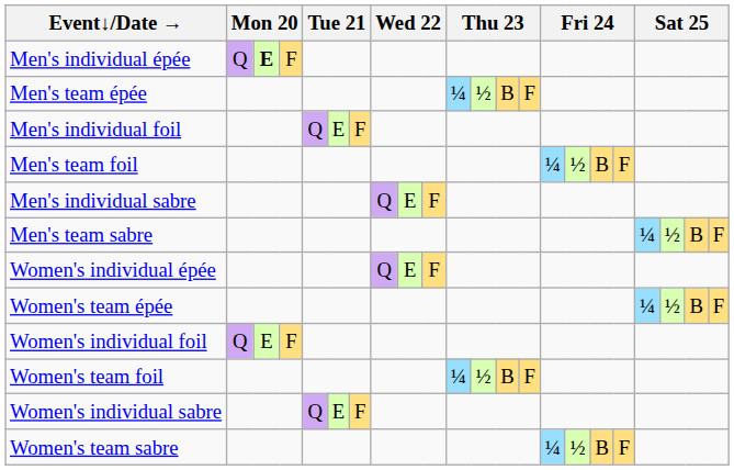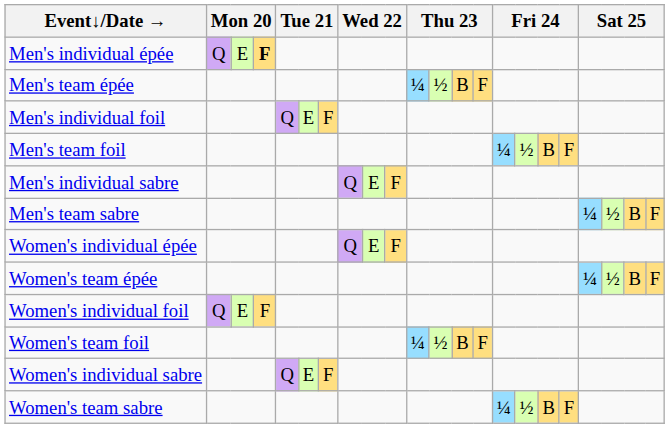 <table class="wikitable" style="margin:0.5em auto; font-size:90%; line-height:1.25em;">
 <tr style="text-align:center;">
 <th>Event↓/Date →</th>
 <th colspan="3">Mon 20</th>
 <th colspan="3">Tue 21</th>
 <th colspan="3">Wed 22</th>
 <th colspan="4">Thu 23</th>
 <th colspan="4">Fri 24</th>
 <th colspan="4">Sat 25</th>
 </tr>
 <tr style="text-align:center;">
 <td style="text-align:left;"><a href='#'>Men's individual épée</a></td>
 <td style="background-color:#D0A9F5;">Q</td>
-<td style="background-color:#D9FFB2;"><strong>E</strong></td>
-<td style="background-color:#FFDF80;">F</td>
+<td style="background-color:#D9FFB2;">E</td>
+<td style="background-color:#FFDF80;"><strong>F</strong></td>
 <td colspan="3"></td>
 <td colspan="3"></td>
 <td colspan="4"></td>
 <td colspan="4"></td>
 <td colspan="4"></td>
 </tr>
 <tr style="text-align:center;">
 <td style="text-align:left;"><a href='#'>Men's team épée</a></td>
 <td colspan="3"></td>
 <td colspan="3"></td>
 <td colspan="3"></td>
 <td style="background-color:#97DEFF;">¼</td>
 <td style="background-color:#D9FFB2;">½</td>
 <td style="background-color:#FFDF80;">B</td>
 <td style="background-color:#FFDF80;">F</td>
 <td colspan="4"></td>
 <td colspan="4"></td>
 </tr>
 <tr style="text-align:center;">
 <td style="text-align:left;"><a href='#'>Men's individual foil</a></td>
 <td colspan="3"></td>
 <td style="background-color:#D0A9F5;">Q</td>
 <td style="background-color:#D9FFB2;">E</td>
 <td style="background-color:#FFDF80;">F</td>
 <td colspan="3"></td>
 <td colspan="4"></td>
 <td colspan="4"></td>
 <td colspan="4"></td>
 </tr>
 <tr style="text-align:center;">
 <td style="text-align:left;"><a href='#'>Men's team foil</a></td>
 <td colspan="3"></td>
 <td colspan="3"></td>
 <td colspan="3"></td>
 <td colspan="4"></td>
 <td style="background-color:#97DEFF;">¼</td>
 <td style="background-color:#D9FFB2;">½</td>
 <td style="background-color:#FFDF80;">B</td>
 <td style="background-color:#FFDF80;">F</td>
 <td colspan="4"></td>
 </tr>
 <tr style="text-align:center;">
 <td style="text-align:left;"><a href='#'>Men's individual sabre</a></td>
 <td colspan="3"></td>
 <td colspan="3"></td>
 <td style="background-color:#D0A9F5;">Q</td>
 <td style="background-color:#D9FFB2;">E</td>
 <td style="background-color:#FFDF80;">F</td>
 <td colspan="4"></td>
 <td colspan="4"></td>
 <td colspan="4"></td>
 </tr>
 <tr style="text-align:center;">
 <td style="text-align:left;"><a href='#'>Men's team sabre</a></td>
 <td colspan="3"></td>
 <td colspan="3"></td>
 <td colspan="3"></td>
 <td colspan="4"></td>
 <td colspan="4"></td>
 <td style="background-color:#97DEFF;">¼</td>
 <td style="background-color:#D9FFB2;">½</td>
 <td style="background-color:#FFDF80;">B</td>
 <td style="background-color:#FFDF80;">F</td>
 </tr>
 <tr style="text-align:center;">
 <td style="text-align:left;"><a href='#'>Women's individual épée</a></td>
 <td colspan="3"></td>
 <td colspan="3"></td>
 <td style="background-color:#D0A9F5;">Q</td>
 <td style="background-color:#D9FFB2;">E</td>
 <td style="background-color:#FFDF80;">F</td>
 <td colspan="4"></td>
 <td colspan="4"></td>
 <td colspan="4"></td>
 </tr>
 <tr style="text-align:center;">
 <td style="text-align:left;"><a href='#'>Women's team épée</a></td>
 <td colspan="3"></td>
 <td colspan="3"></td>
 <td colspan="3"></td>
 <td colspan="4"></td>
 <td colspan="4"></td>
 <td style="background-color:#97DEFF;">¼</td>
 <td style="background-color:#D9FFB2;">½</td>
 <td style="background-color:#FFDF80;">B</td>
 <td style="background-color:#FFDF80;">F</td>
 </tr>
 <tr style="text-align:center;">
 <td style="text-align:left;"><a href='#'>Women's individual foil</a></td>
 <td style="background-color:#D0A9F5;">Q</td>
 <td style="background-color:#D9FFB2;">E</td>
 <td style="background-color:#FFDF80;">F</td>
 <td colspan="3"></td>
 <td colspan="3"></td>
 <td colspan="4"></td>
 <td colspan="4"></td>
 <td colspan="4"></td>
 </tr>
 <tr style="text-align:center;">
 <td style="text-align:left;"><a href='#'>Women's team foil</a></td>
 <td colspan="3"></td>
 <td colspan="3"></td>
 <td colspan="3"></td>
 <td style="background-color:#97DEFF;">¼</td>
 <td style="background-color:#D9FFB2;">½</td>
 <td style="background-color:#FFDF80;">B</td>
 <td style="background-color:#FFDF80;">F</td>
 <td colspan="4"></td>
 <td colspan="4"></td>
 </tr>
 <tr style="text-align:center;">
 <td style="text-align:left;"><a href='#'>Women's individual sabre</a></td>
 <td colspan="3"></td>
 <td style="background-color:#D0A9F5;">Q</td>
 <td style="background-color:#D9FFB2;">E</td>
 <td style="background-color:#FFDF80;">F</td>
 <td colspan="3"></td>
 <td colspan="4"></td>
 <td colspan="4"></td>
 <td colspan="4"></td>
 </tr>
 <tr style="text-align:center;">
 <td style="text-align:left;"><a href='#'>Women's team sabre</a></td>
 <td colspan="3"></td>
 <td colspan="3"></td>
 <td colspan="3"></td>
 <td colspan="4"></td>
 <td style="background-color:#97DEFF;">¼</td>
 <td style="background-color:#D9FFB2;">½</td>
 <td style="background-color:#FFDF80;">B</td>
 <td style="background-color:#FFDF80;">F</td>
 <td colspan="4"></td>
 </tr>
 </table>
